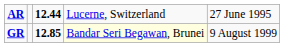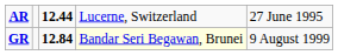 <table class="wikitable" style="font-size:95%; position:relative;">
 <tr>
 <td align=center><strong><a href='#'>AR</a></strong></td>
 <td></td>
 <td><strong>12.44</strong></td>
 <td><a href='#'>Lucerne</a>, Switzerland</td>
 <td>27 June 1995</td>
 </tr>
 <tr>
 <td align=center><strong><a href='#'>GR</a></strong></td>
 <td></td>
-<td><strong>12.85</strong></td>
+<td><strong>12.84</strong></td>
 <td style="background: lightyellow;"><a href='#'>Bandar Seri Begawan</a>, Brunei</td>
 <td>9 August 1999</td>
 </tr>
 </table>
